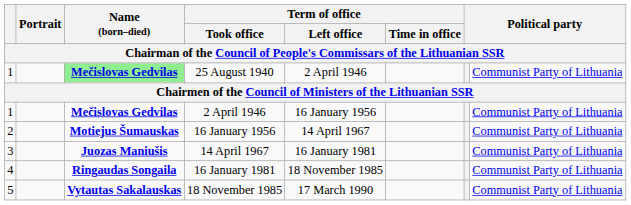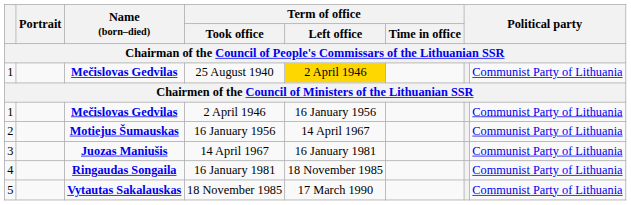 <table class="wikitable" style="text-align:center;">
 <tr>
 <th rowspan=2></th>
 <th rowspan=2>Portrait</th>
 <th rowspan=2>Name<br><small>(born–died)</small></th>
 <th colspan=3>Term of office</th>
 <th colspan=2 rowspan=2>Political party</th>
 </tr>
 <tr>
 <th>Took office</th>
 <th>Left office</th>
 <th>Time in office</th>
 </tr>
 <tr>
 <th colspan=8>Chairman of the <a href='#'>Council of People's Commissars of the Lithuanian SSR</a></th>
 </tr>
 <tr>
 <td>1</td>
 <td></td>
-<td style="background: lightgreen;"><strong><a href='#'>Mečislovas Gedvilas</a></strong><br></td>
+<td><strong><a href='#'>Mečislovas Gedvilas</a></strong><br></td>
 <td>25 August 1940</td>
-<td>2 April 1946</td>
+<td style="background: gold;">2 April 1946</td>
 <td></td>
 <th style="background:"></th>
 <td><a href='#'>Communist Party of Lithuania</a></td>
 </tr>
 <tr>
 <th colspan=8>Chairmen of the <a href='#'>Council of Ministers of the Lithuanian SSR</a></th>
 </tr>
 <tr>
 <td>1</td>
 <td></td>
 <td><strong><a href='#'>Mečislovas Gedvilas</a></strong><br></td>
 <td>2 April 1946</td>
 <td>16 January 1956</td>
 <td></td>
 <th style="background:"></th>
 <td><a href='#'>Communist Party of Lithuania</a></td>
 </tr>
 <tr>
 <td>2</td>
 <td></td>
 <td><strong><a href='#'>Motiejus Šumauskas</a></strong><br></td>
 <td>16 January 1956</td>
 <td>14 April 1967</td>
 <td></td>
 <th style="background:"></th>
 <td><a href='#'>Communist Party of Lithuania</a></td>
 </tr>
 <tr>
 <td>3</td>
 <td></td>
 <td><strong><a href='#'>Juozas Maniušis</a></strong><br></td>
 <td>14 April 1967</td>
 <td>16 January 1981</td>
 <td></td>
 <th style="background:"></th>
 <td><a href='#'>Communist Party of Lithuania</a></td>
 </tr>
 <tr>
 <td>4</td>
 <td></td>
 <td><strong><a href='#'>Ringaudas Songaila</a></strong><br></td>
 <td>16 January 1981</td>
 <td>18 November 1985</td>
 <td></td>
 <th style="background:"></th>
 <td><a href='#'>Communist Party of Lithuania</a></td>
 </tr>
 <tr>
 <td>5</td>
 <td></td>
 <td><strong><a href='#'>Vytautas Sakalauskas</a></strong><br></td>
 <td>18 November 1985</td>
 <td>17 March 1990</td>
 <td></td>
 <th style="background:"></th>
 <td><a href='#'>Communist Party of Lithuania</a></td>
 </tr>
 </table>
